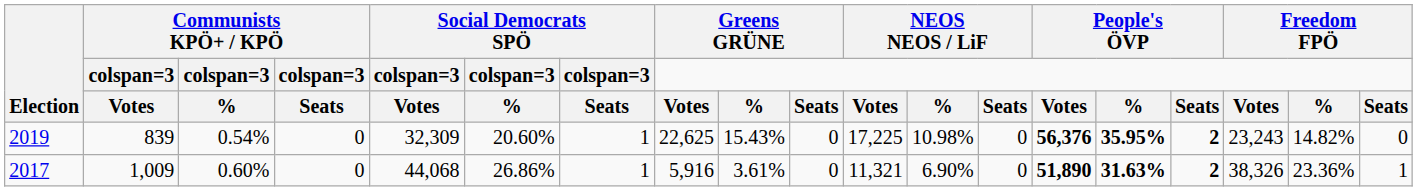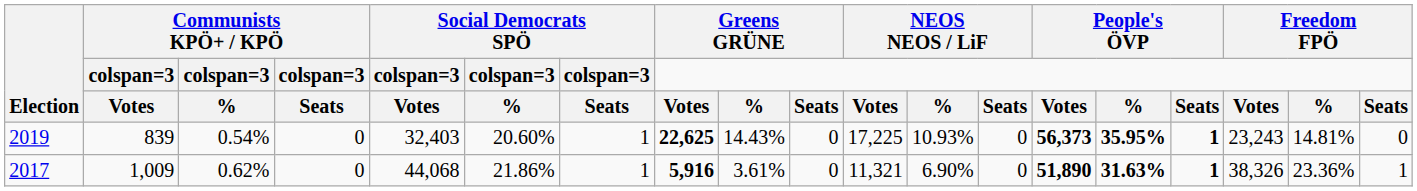 <table class="wikitable" border="1" style="font-size:100%; text-align:right;">
 <tr>
 <th style="text-align:left;" valign=bottom rowspan=3>Election</th>
 <th valign=bottom colspan=3><a href='#'>Communists</a><br>KPÖ+ / KPÖ</th>
 <th valign=bottom colspan=3><a href='#'>Social Democrats</a><br>SPÖ</th>
 <th valign=bottom colspan=3><a href='#'>Greens</a><br>GRÜNE</th>
 <th valign=bottom colspan=3><a href='#'>NEOS</a><br>NEOS / LiF</th>
 <th valign=bottom colspan=3><a href='#'>People's</a><br>ÖVP</th>
 <th valign=bottom colspan=3><a href='#'>Freedom</a><br>FPÖ</th>
 </tr>
 <tr>
 <th>colspan=3 </th>
 <th>colspan=3 </th>
 <th>colspan=3 </th>
 <th>colspan=3 </th>
 <th>colspan=3 </th>
 <th>colspan=3 </th>
 </tr>
 <tr>
 <th>Votes</th>
 <th>%</th>
 <th>Seats</th>
 <th>Votes</th>
 <th>%</th>
 <th>Seats</th>
 <th>Votes</th>
 <th>%</th>
 <th>Seats</th>
 <th>Votes</th>
 <th>%</th>
 <th>Seats</th>
 <th>Votes</th>
 <th>%</th>
 <th>Seats</th>
 <th>Votes</th>
 <th>%</th>
 <th>Seats</th>
 </tr>
 <tr>
 <td align=left><a href='#'>2019</a></td>
 <td>839</td>
 <td>0.54%</td>
 <td>0</td>
-<td>32,309</td>
+<td>32,403</td>
 <td>20.60%</td>
 <td>1</td>
-<td>22,625</td>
-<td>15.43%</td>
+<td><strong>22,625</strong></td>
+<td>14.43%</td>
 <td>0</td>
 <td>17,225</td>
-<td>10.98%</td>
+<td>10.93%</td>
 <td>0</td>
-<td><strong>56,376</strong></td>
+<td><strong>56,373</strong></td>
 <td><strong>35.95%</strong></td>
-<td><strong>2</strong></td>
+<td><strong>1</strong></td>
 <td>23,243</td>
-<td>14.82%</td>
+<td>14.81%</td>
 <td>0</td>
 </tr>
 <tr>
 <td align=left><a href='#'>2017</a></td>
 <td>1,009</td>
-<td>0.60%</td>
+<td>0.62%</td>
 <td>0</td>
 <td>44,068</td>
-<td>26.86%</td>
+<td>21.86%</td>
 <td>1</td>
-<td>5,916</td>
+<td><strong>5,916</strong></td>
 <td>3.61%</td>
 <td>0</td>
 <td>11,321</td>
 <td>6.90%</td>
 <td>0</td>
 <td><strong>51,890</strong></td>
 <td><strong>31.63%</strong></td>
-<td><strong>2</strong></td>
+<td><strong>1</strong></td>
 <td>38,326</td>
 <td>23.36%</td>
 <td>1</td>
 </tr>
 </table>
